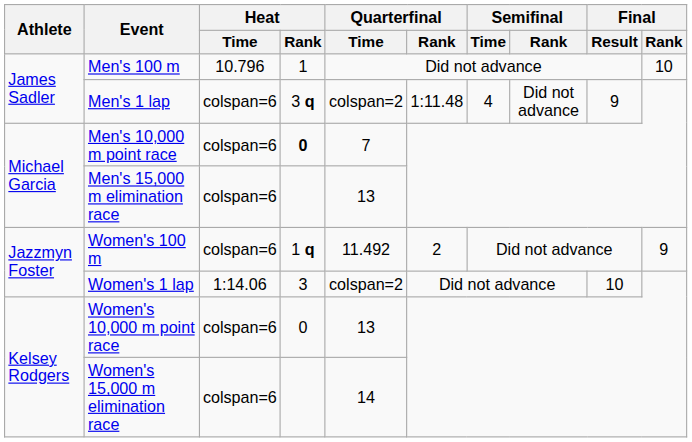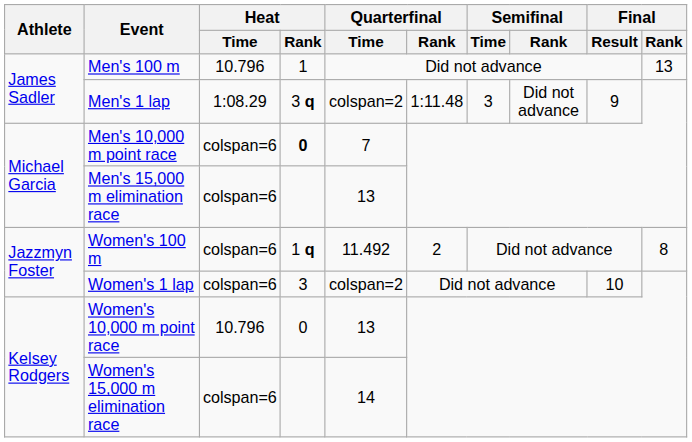 <table class=wikitable style=font-size:90%;text-align:center>
 <tr>
 <th rowspan=2>Athlete</th>
 <th rowspan=2>Event</th>
 <th colspan=2>Heat</th>
 <th colspan=2>Quarterfinal</th>
 <th colspan=2>Semifinal</th>
 <th colspan=2>Final</th>
 </tr>
 <tr style=font-size:95%>
 <th>Time</th>
 <th>Rank</th>
 <th>Time</th>
 <th>Rank</th>
 <th>Time</th>
 <th>Rank</th>
 <th>Result</th>
 <th>Rank</th>
 </tr>
 <tr>
 <td align=left rowspan=2><a href='#'>James Sadler</a></td>
 <td align=left><a href='#'>Men's 100 m</a></td>
 <td>10.796</td>
 <td>1</td>
 <td colspan=5>Did not advance</td>
-<td>10</td>
+<td>13</td>
 </tr>
 <tr>
 <td align=left><a href='#'>Men's 1 lap</a></td>
-<td>colspan=6 </td>
+<td>1:08.29</td>
 <td>3  <strong>q</strong></td>
 <td>colspan=2 </td>
 <td>1:11.48</td>
-<td>4</td>
+<td>3</td>
 <td>Did not advance</td>
 <td>9</td>
 </tr>
 <tr>
 <td align=left rowspan=2><a href='#'>Michael Garcia</a></td>
 <td align=left><a href='#'>Men's 10,000 m point race</a></td>
 <td>colspan=6 </td>
 <td><strong>0</strong></td>
 <td>7</td>
 </tr>
 <tr>
 <td align=left><a href='#'>Men's 15,000 m elimination race</a></td>
 <td>colspan=6 </td>
 <td></td>
 <td>13</td>
 </tr>
 <tr>
 <td align=left rowspan=2><a href='#'>Jazzmyn Foster</a></td>
 <td align=left><a href='#'>Women's 100 m</a></td>
 <td>colspan=6 </td>
 <td>1 <strong>q</strong></td>
 <td>11.492</td>
 <td>2</td>
 <td colspan=3>Did not advance</td>
-<td>9</td>
+<td>8</td>
 </tr>
 <tr>
 <td align=left><a href='#'>Women's 1 lap</a></td>
-<td>1:14.06</td>
+<td>colspan=6 </td>
 <td>3</td>
 <td>colspan=2 </td>
 <td colspan=3>Did not advance</td>
 <td>10</td>
 </tr>
 <tr>
 <td align=left rowspan=2><a href='#'>Kelsey Rodgers</a></td>
 <td align=left><a href='#'>Women's 10,000 m point race</a></td>
-<td>colspan=6 </td>
+<td>10.796</td>
 <td>0</td>
 <td>13</td>
 </tr>
 <tr>
 <td align=left><a href='#'>Women's 15,000 m elimination race</a></td>
 <td>colspan=6 </td>
 <td></td>
 <td>14</td>
 </tr>
 </table>
